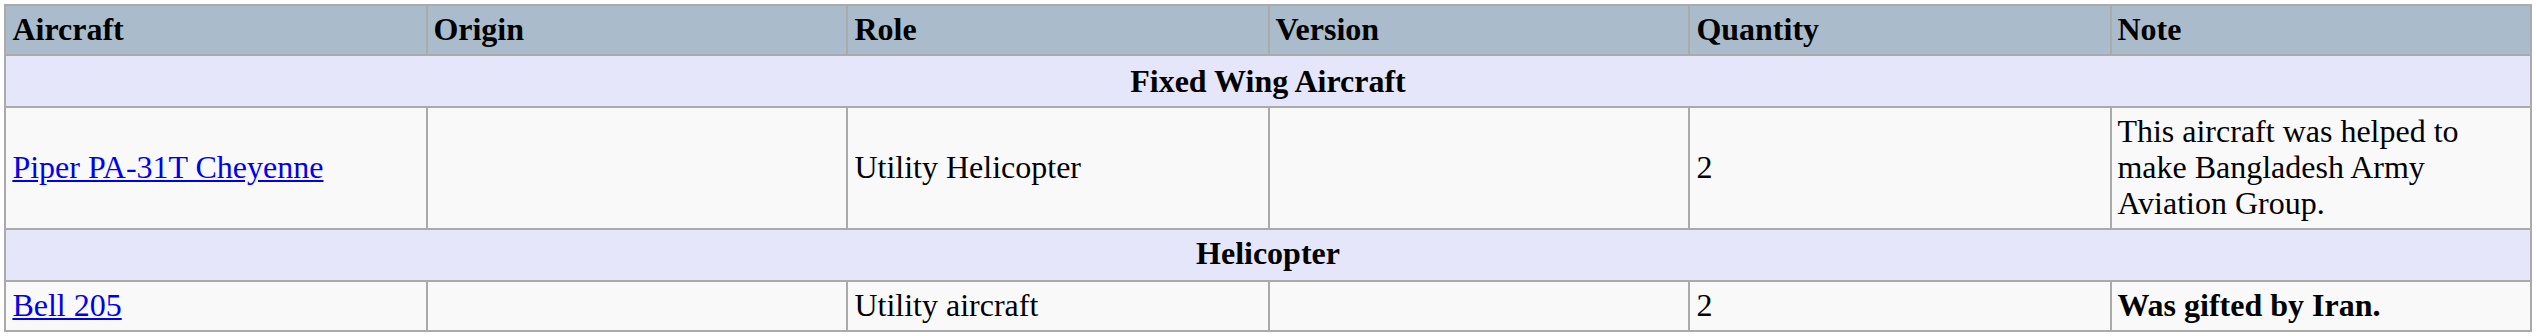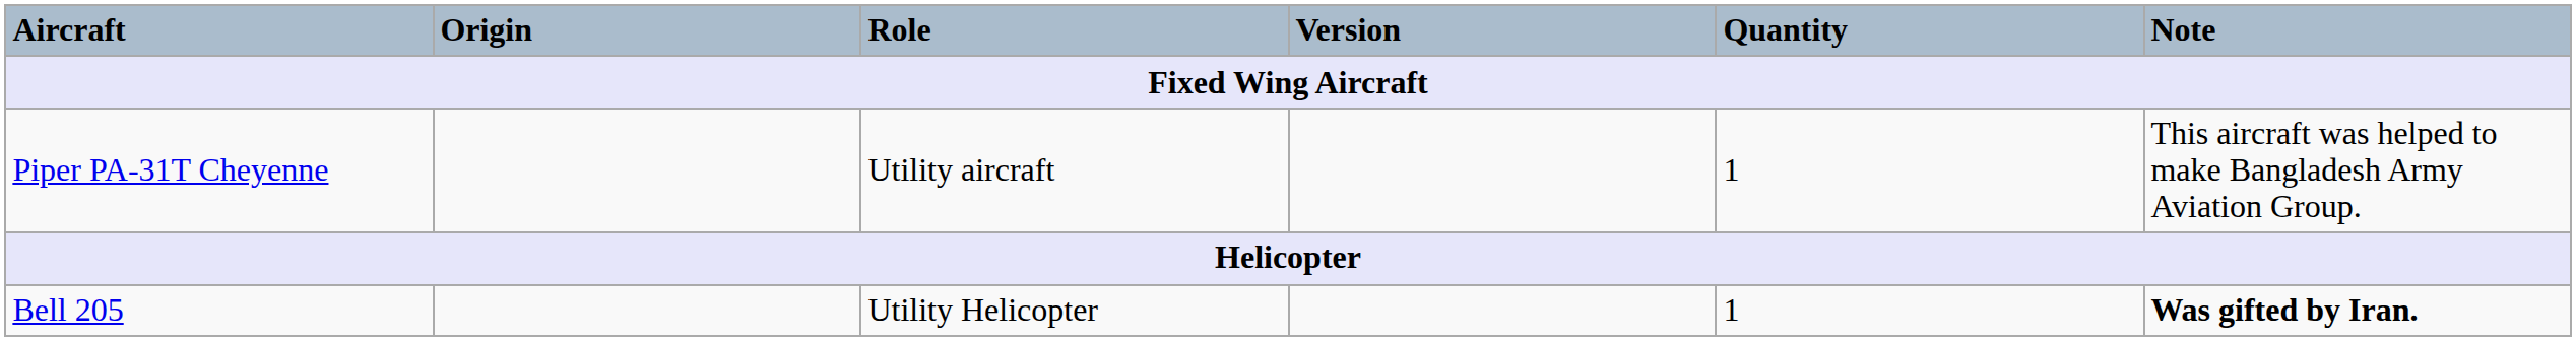 <table class="wikitable" style="width:100%;">
 <tr>
 <th style="text-align: left; background: #aabccc; width:16%;">Aircraft</th>
 <th style="text-align: left; background: #aabccc; width:16%;">Origin</th>
 <th style="text-align: left; background: #aabccc; width:16%;">Role</th>
 <th style="text-align: left; background: #aabccc; width:16%;">Version</th>
 <th style="text-align: left; background: #aabccc; width:16%;">Quantity</th>
 <th style="text-align: left; background: #aabccc; width:16%;">Note</th>
 </tr>
 <tr>
 <th scope="row" style="align: center; background: lavender;" colspan="6">Fixed Wing Aircraft</th>
 </tr>
 <tr>
 <td><a href='#'>Piper PA-31T Cheyenne</a></td>
 <td></td>
-<td>Utility Helicopter</td>
+<td>Utility aircraft</td>
 <td></td>
-<td>2</td>
+<td>1</td>
 <td>This aircraft was helped to make Bangladesh Army Aviation Group.</td>
 </tr>
 <tr>
 <th scope="row" style="align: center; background: lavender;" colspan="7">Helicopter</th>
 </tr>
 <tr>
 <td><a href='#'>Bell 205</a></td>
 <td></td>
-<td>Utility aircraft</td>
+<td>Utility Helicopter</td>
 <td></td>
-<td>2</td>
+<td>1</td>
 <td><strong>Was gifted by Iran.</strong></td>
 </tr>
 </table>
